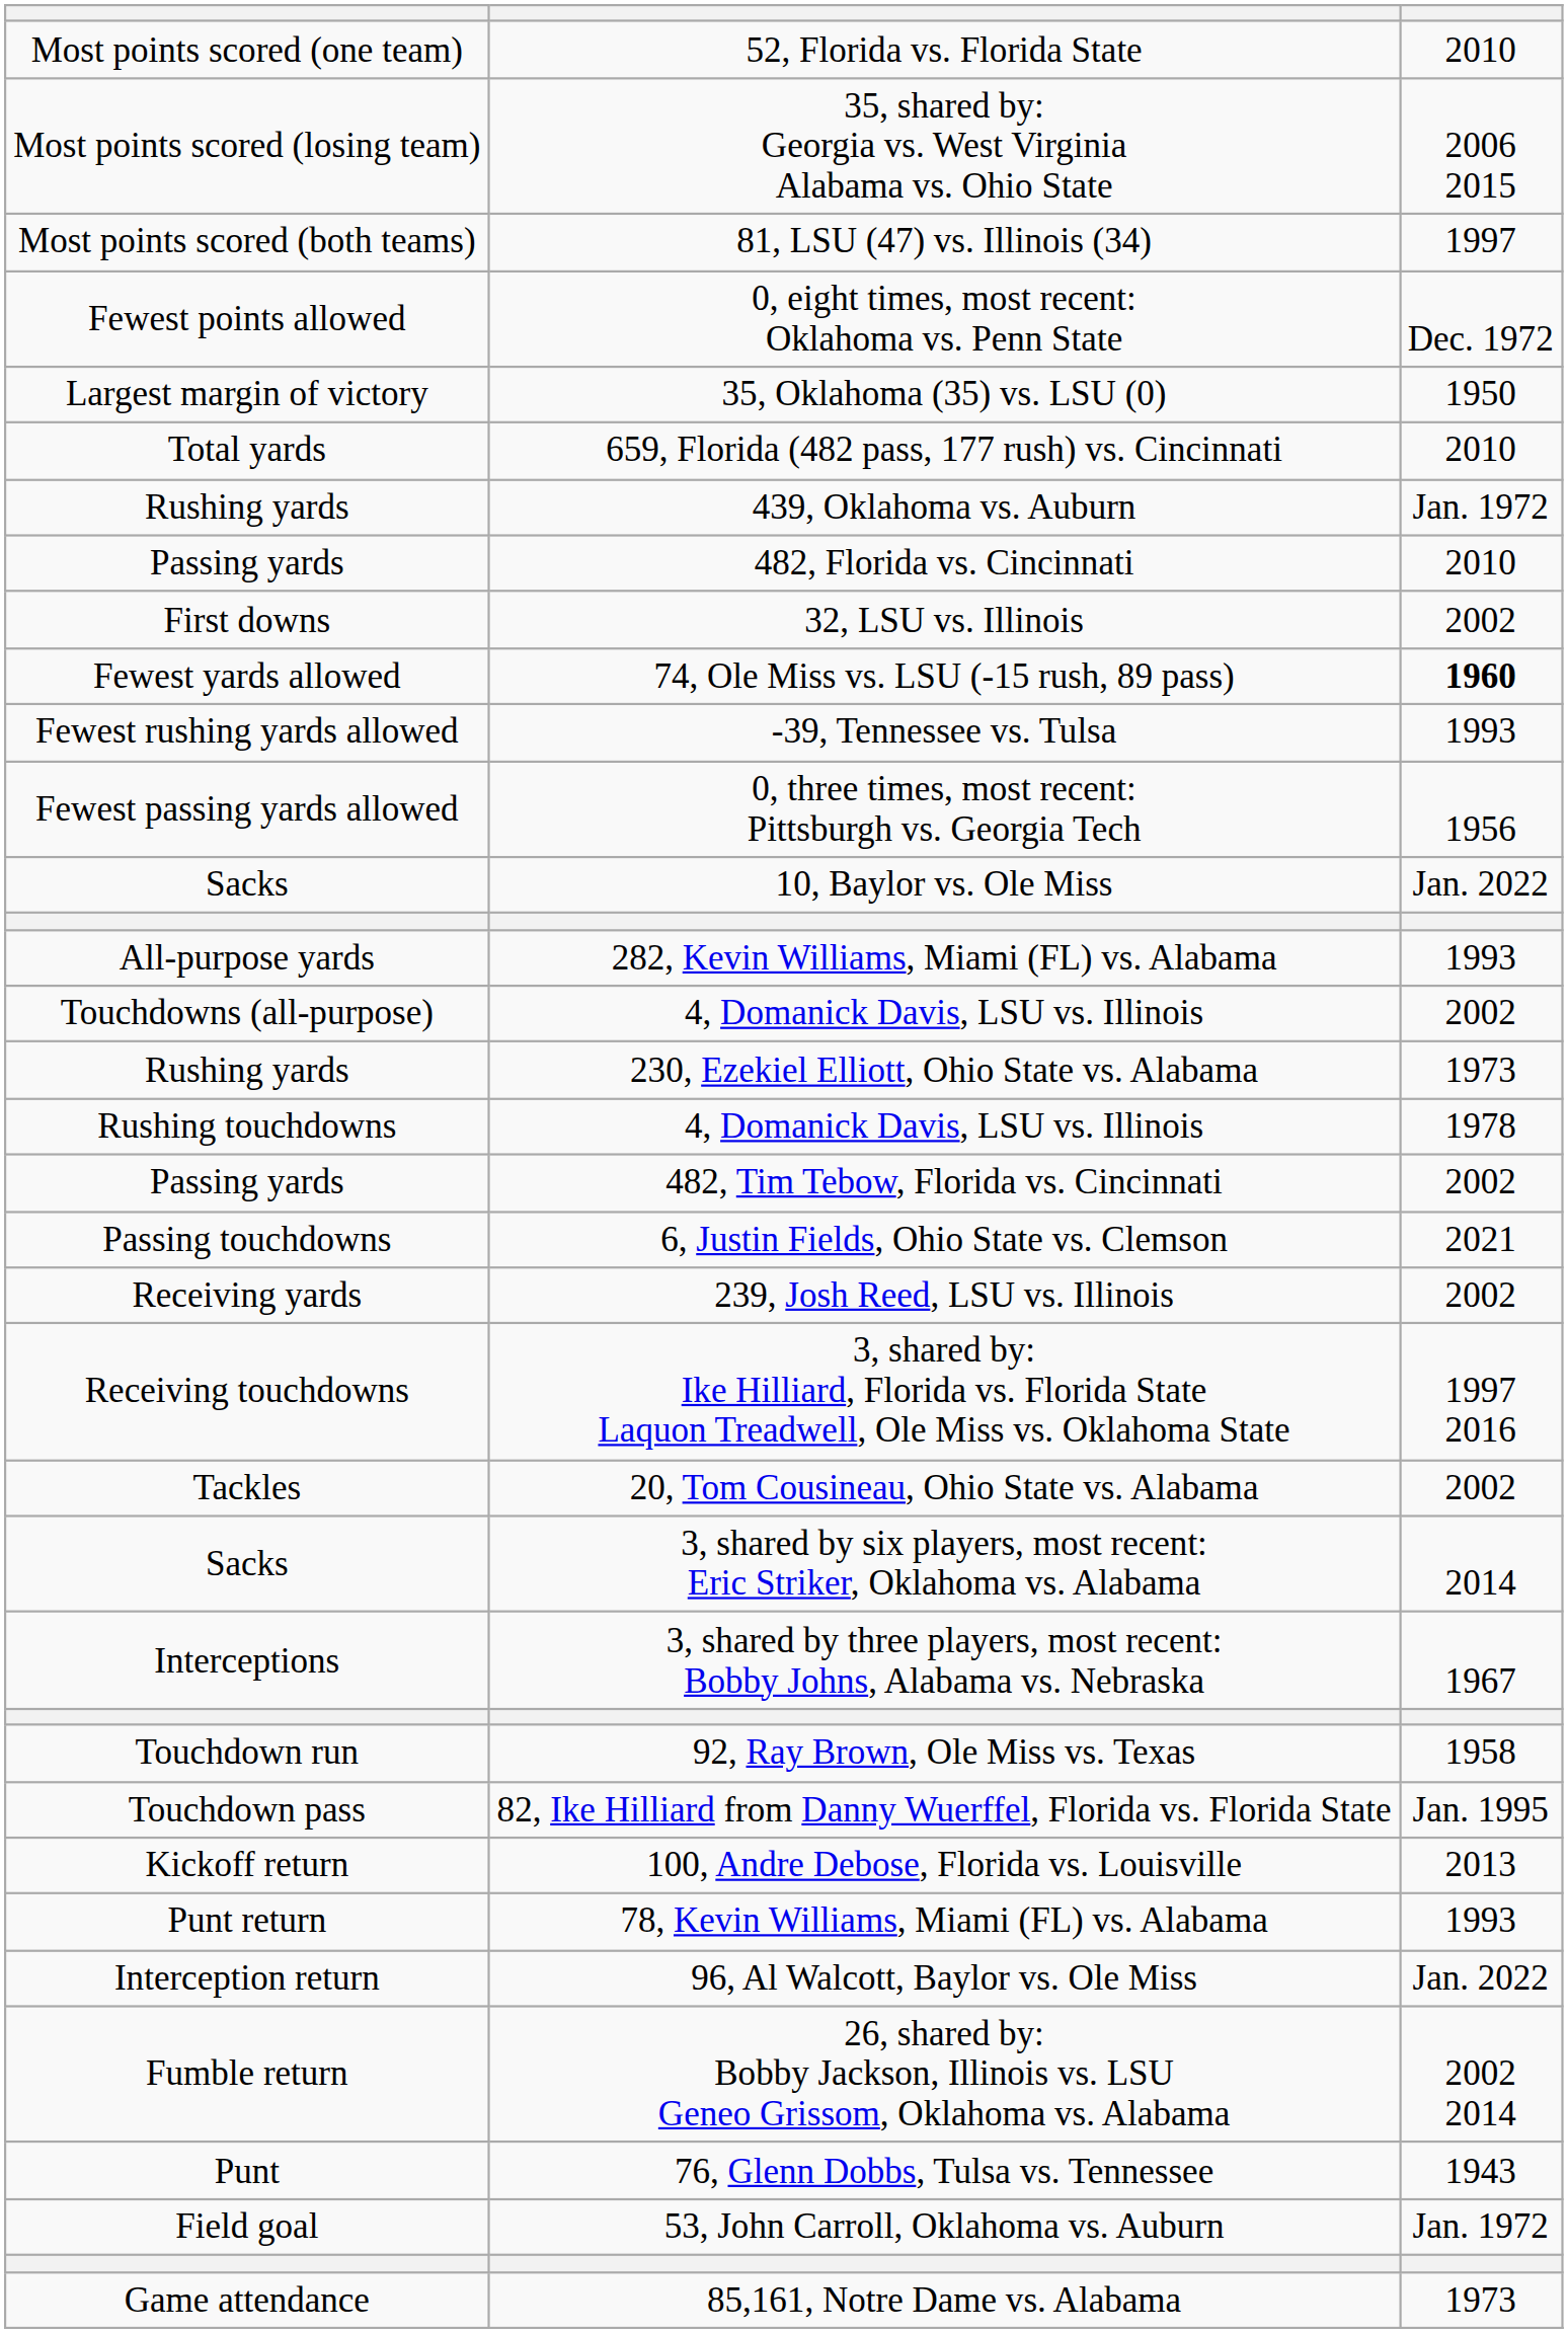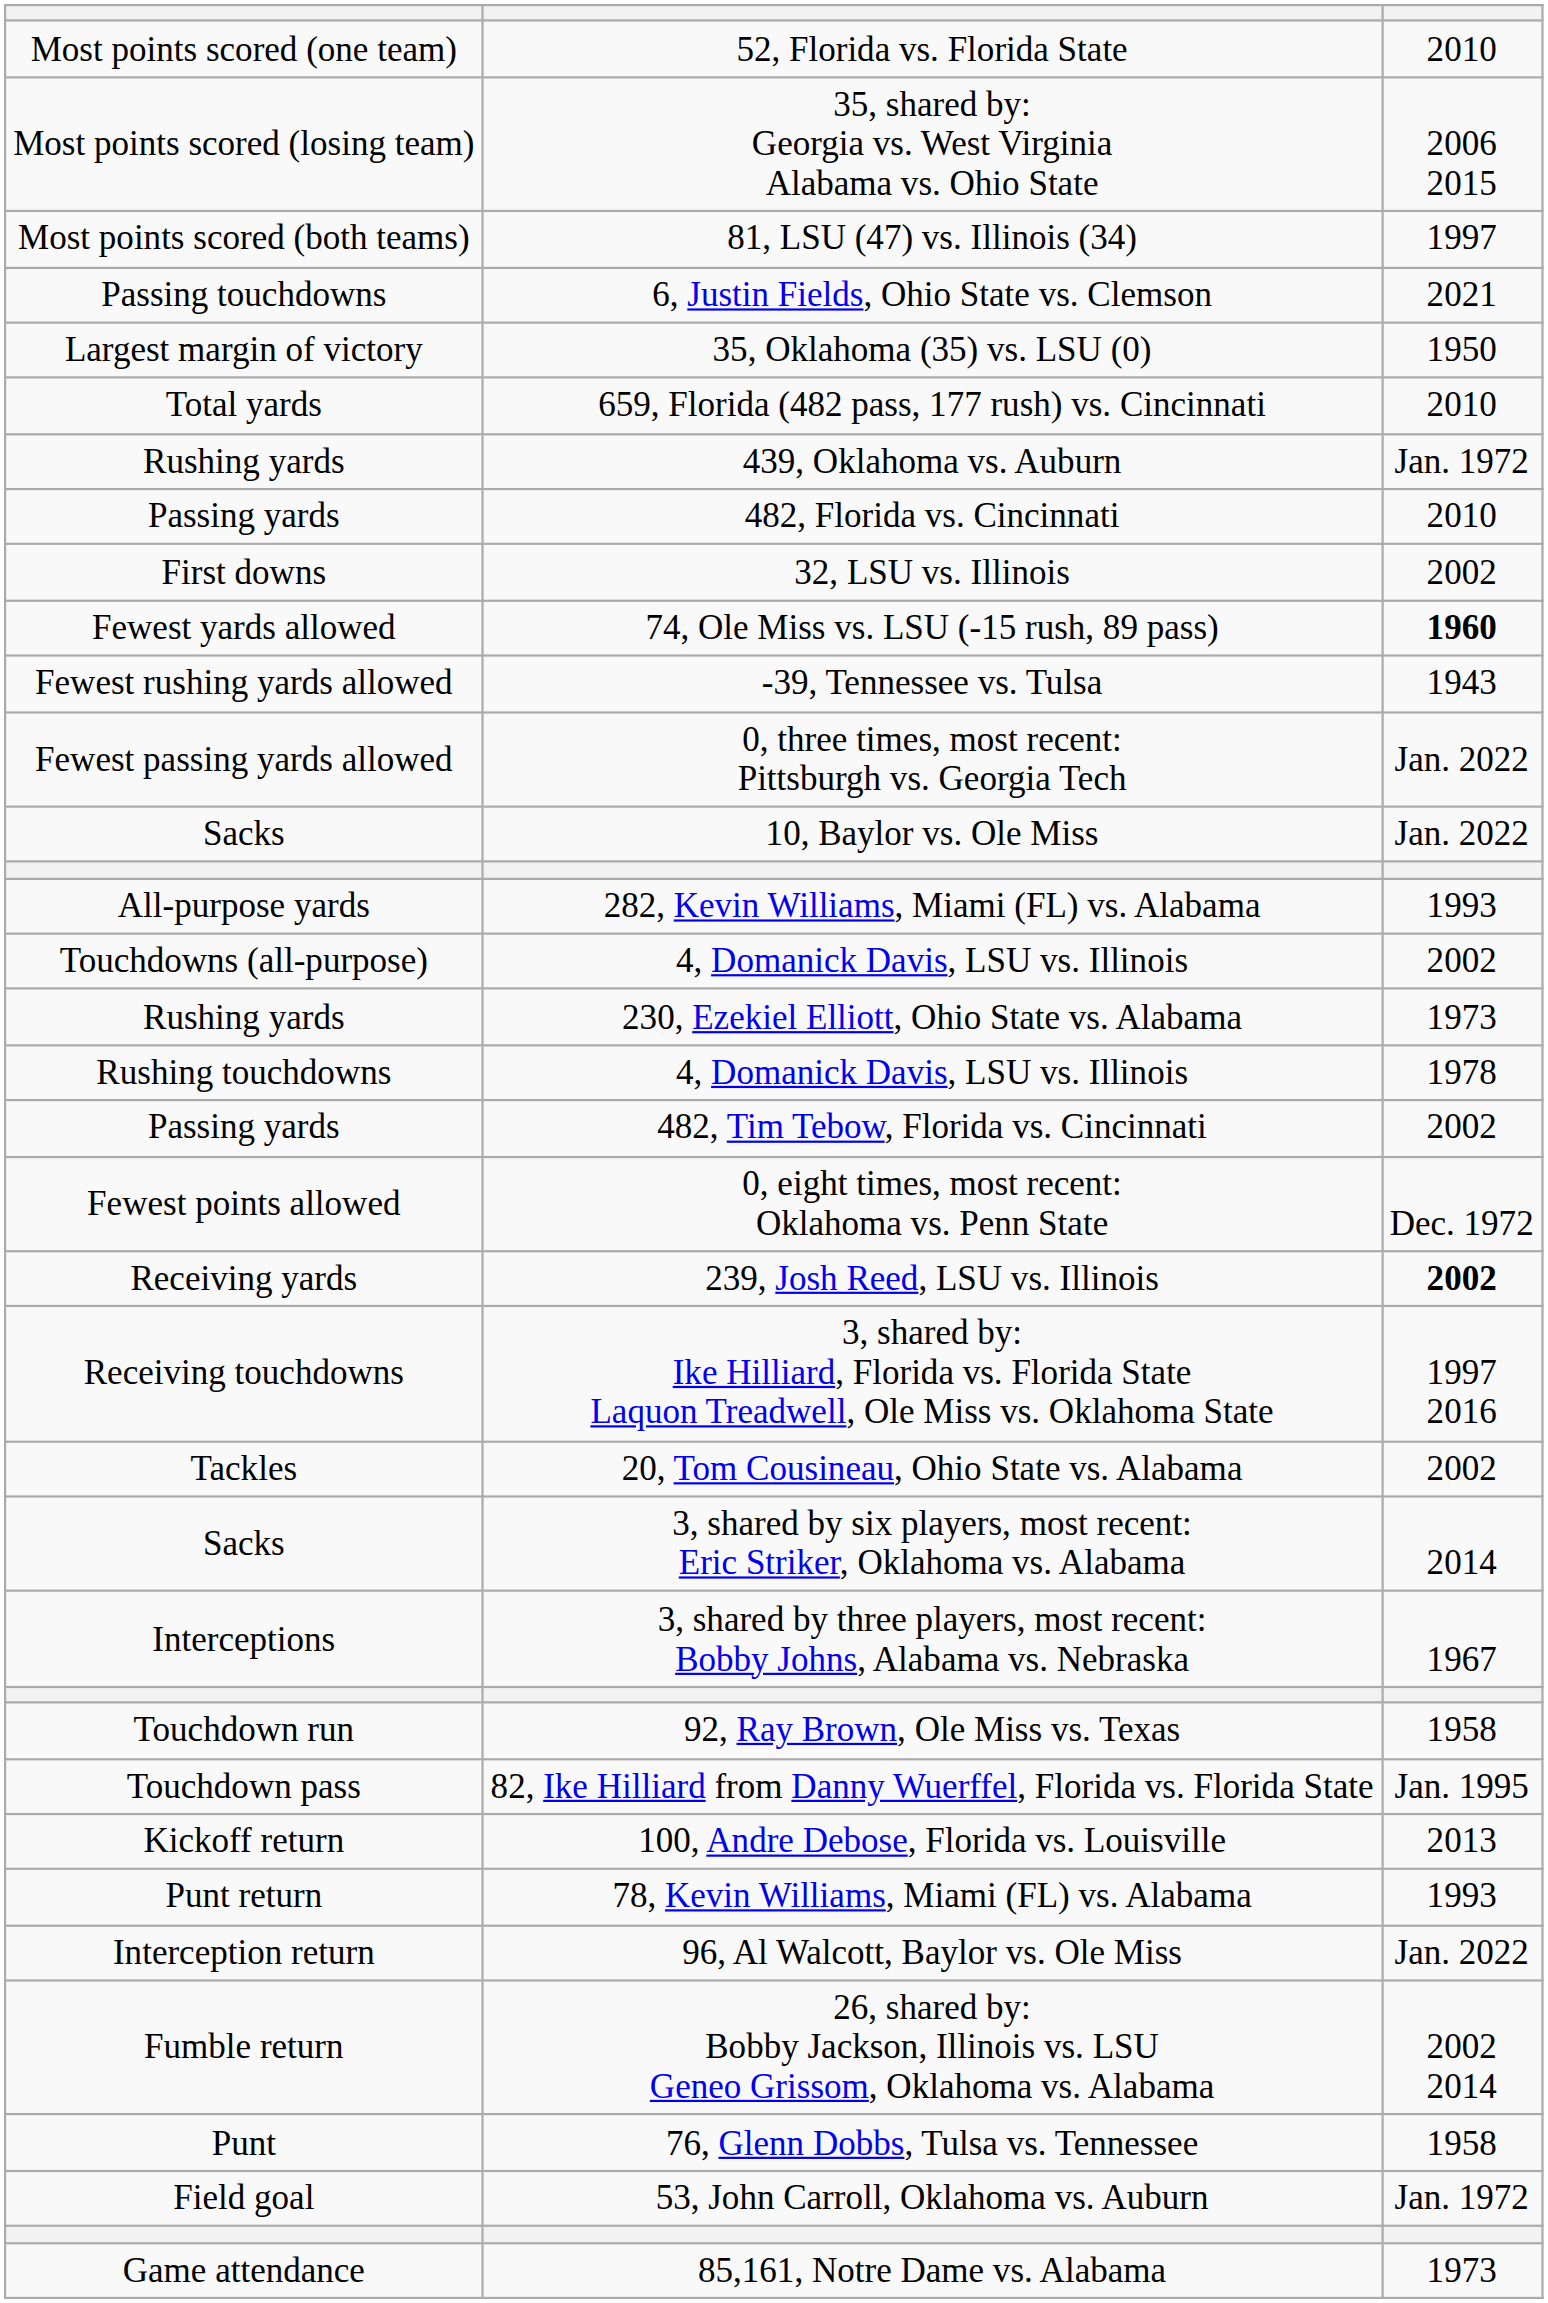 <table class="wikitable" style="text-align:center">
 <tr>
 <th></th>
 <th></th>
 <th></th>
 </tr>
 <tr>
 <td>Most points scored (one team)</td>
 <td>52, Florida vs. Florida State</td>
 <td>2010</td>
 </tr>
 <tr>
 <td>Most points scored (losing team)</td>
 <td>35, shared by:<br>Georgia vs. West Virginia<br>Alabama vs. Ohio State</td>
 <td> <br>2006<br>2015</td>
 </tr>
 <tr>
 <td>Most points scored (both teams)</td>
 <td>81, LSU (47) vs. Illinois (34)</td>
 <td>1997</td>
 </tr>
 <tr>
-<td>Fewest points allowed</td>
-<td>0, eight times, most recent:<br>Oklahoma vs. Penn State</td>
-<td> <br>Dec. 1972</td>
+<td>Passing touchdowns</td>
+<td>6, <a href='#'>Justin Fields</a>, Ohio State vs. Clemson</td>
+<td>2021</td>
 </tr>
 <tr>
 <td>Largest margin of victory</td>
 <td>35, Oklahoma (35) vs. LSU (0)</td>
 <td>1950</td>
 </tr>
 <tr>
 <td>Total yards</td>
 <td>659, Florida (482 pass, 177 rush) vs. Cincinnati</td>
 <td>2010</td>
 </tr>
 <tr>
 <td>Rushing yards</td>
 <td>439, Oklahoma vs. Auburn</td>
 <td>Jan. 1972</td>
 </tr>
 <tr>
 <td>Passing yards</td>
 <td>482, Florida vs. Cincinnati</td>
 <td>2010</td>
 </tr>
 <tr>
 <td>First downs</td>
 <td>32, LSU vs. Illinois</td>
 <td>2002</td>
 </tr>
 <tr>
 <td>Fewest yards allowed</td>
 <td>74, Ole Miss vs. LSU (-15 rush, 89 pass)</td>
 <td><strong>1960</strong></td>
 </tr>
 <tr>
 <td>Fewest rushing yards allowed</td>
 <td>-39, Tennessee vs. Tulsa</td>
-<td>1993</td>
+<td>1943</td>
 </tr>
 <tr>
 <td>Fewest passing yards allowed</td>
 <td>0, three times, most recent:<br>Pittsburgh vs. Georgia Tech</td>
-<td> <br>1956</td>
+<td>Jan. 2022</td>
 </tr>
 <tr>
 <td>Sacks</td>
 <td>10, Baylor vs. Ole Miss</td>
 <td>Jan. 2022</td>
 </tr>
 <tr>
 <th></th>
 <th></th>
 <th></th>
 </tr>
 <tr>
 <td>All-purpose yards</td>
 <td>282, <a href='#'>Kevin Williams</a>, Miami (FL) vs. Alabama</td>
 <td>1993</td>
 </tr>
 <tr>
 <td>Touchdowns (all-purpose)</td>
 <td>4, <a href='#'>Domanick Davis</a>, LSU vs. Illinois</td>
 <td>2002</td>
 </tr>
 <tr>
 <td>Rushing yards</td>
 <td>230, <a href='#'>Ezekiel Elliott</a>, Ohio State vs. Alabama</td>
 <td>1973</td>
 </tr>
 <tr>
 <td>Rushing touchdowns</td>
 <td>4, <a href='#'>Domanick Davis</a>, LSU vs. Illinois</td>
 <td>1978</td>
 </tr>
 <tr>
 <td>Passing yards</td>
 <td>482, <a href='#'>Tim Tebow</a>, Florida vs. Cincinnati</td>
 <td>2002</td>
 </tr>
 <tr>
-<td>Passing touchdowns</td>
-<td>6, <a href='#'>Justin Fields</a>, Ohio State vs. Clemson</td>
-<td>2021</td>
+<td>Fewest points allowed</td>
+<td>0, eight times, most recent:<br>Oklahoma vs. Penn State</td>
+<td> <br>Dec. 1972</td>
 </tr>
 <tr>
 <td>Receiving yards</td>
 <td>239, <a href='#'>Josh Reed</a>, LSU vs. Illinois</td>
-<td>2002</td>
+<td><strong>2002</strong></td>
 </tr>
 <tr>
 <td>Receiving touchdowns</td>
 <td>3, shared by:<br><a href='#'>Ike Hilliard</a>, Florida vs. Florida State<br><a href='#'>Laquon Treadwell</a>, Ole Miss vs. Oklahoma State</td>
 <td> <br>1997<br>2016</td>
 </tr>
 <tr>
 <td>Tackles</td>
 <td>20, <a href='#'>Tom Cousineau</a>, Ohio State vs. Alabama</td>
 <td>2002</td>
 </tr>
 <tr>
 <td>Sacks</td>
 <td>3, shared by six players, most recent:<br><a href='#'>Eric Striker</a>, Oklahoma vs. Alabama</td>
 <td> <br>2014</td>
 </tr>
 <tr>
 <td>Interceptions</td>
 <td>3, shared by three players, most recent:<br><a href='#'>Bobby Johns</a>, Alabama vs. Nebraska</td>
 <td> <br>1967</td>
 </tr>
 <tr>
 <th></th>
 <th></th>
 <th></th>
 </tr>
 <tr>
 <td>Touchdown run</td>
 <td>92, <a href='#'>Ray Brown</a>, Ole Miss vs. Texas</td>
 <td>1958</td>
 </tr>
 <tr>
 <td>Touchdown pass</td>
 <td>82, <a href='#'>Ike Hilliard</a> from <a href='#'>Danny Wuerffel</a>, Florida vs. Florida State</td>
 <td>Jan. 1995</td>
 </tr>
 <tr>
 <td>Kickoff return</td>
 <td>100, <a href='#'>Andre Debose</a>, Florida vs. Louisville</td>
 <td>2013</td>
 </tr>
 <tr>
 <td>Punt return</td>
 <td>78, <a href='#'>Kevin Williams</a>, Miami (FL) vs. Alabama</td>
 <td>1993</td>
 </tr>
 <tr>
 <td>Interception return</td>
 <td>96, Al Walcott, Baylor vs. Ole Miss</td>
 <td>Jan. 2022</td>
 </tr>
 <tr>
 <td>Fumble return</td>
 <td>26, shared by:<br>Bobby Jackson, Illinois vs. LSU<br><a href='#'>Geneo Grissom</a>, Oklahoma vs. Alabama</td>
 <td> <br>2002<br>2014</td>
 </tr>
 <tr>
 <td>Punt</td>
 <td>76, <a href='#'>Glenn Dobbs</a>, Tulsa vs. Tennessee</td>
-<td>1943</td>
+<td>1958</td>
 </tr>
 <tr>
 <td>Field goal</td>
 <td>53, John Carroll, Oklahoma vs. Auburn</td>
 <td>Jan. 1972</td>
 </tr>
 <tr>
 <th></th>
 <th></th>
 <th></th>
 </tr>
 <tr>
 <td>Game attendance</td>
 <td>85,161, Notre Dame vs. Alabama</td>
 <td>1973</td>
 </tr>
 <tr>
 </tr>
 </table>
